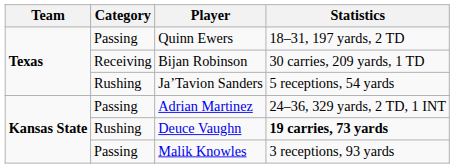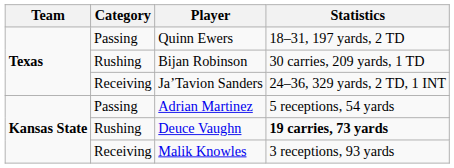 <table class="wikitable" style="float: right;">
 <tr>
 <th>Team</th>
 <th>Category</th>
 <th>Player</th>
 <th>Statistics</th>
 </tr>
 <tr>
 <td rowspan=3><strong>Texas</strong></td>
 <td>Passing</td>
 <td>Quinn Ewers</td>
 <td>18–31, 197 yards, 2 TD</td>
 </tr>
 <tr>
-<td>Receiving</td>
+<td>Rushing</td>
 <td>Bijan Robinson</td>
 <td>30 carries, 209 yards, 1 TD</td>
 </tr>
 <tr>
-<td>Rushing</td>
+<td>Receiving</td>
 <td>Ja’Tavion Sanders</td>
-<td>5 receptions, 54 yards</td>
+<td>24–36, 329 yards, 2 TD, 1 INT</td>
 </tr>
 <tr>
 <td rowspan=3><strong>Kansas State</strong></td>
 <td>Passing</td>
 <td><a href='#'>Adrian Martinez</a></td>
-<td>24–36, 329 yards, 2 TD, 1 INT</td>
+<td>5 receptions, 54 yards</td>
 </tr>
 <tr>
 <td>Rushing</td>
 <td><a href='#'>Deuce Vaughn</a></td>
 <td><strong>19 carries, 73 yards</strong></td>
 </tr>
 <tr>
-<td>Passing</td>
+<td>Receiving</td>
 <td><a href='#'>Malik Knowles</a></td>
 <td>3 receptions, 93 yards</td>
 </tr>
 </table>
